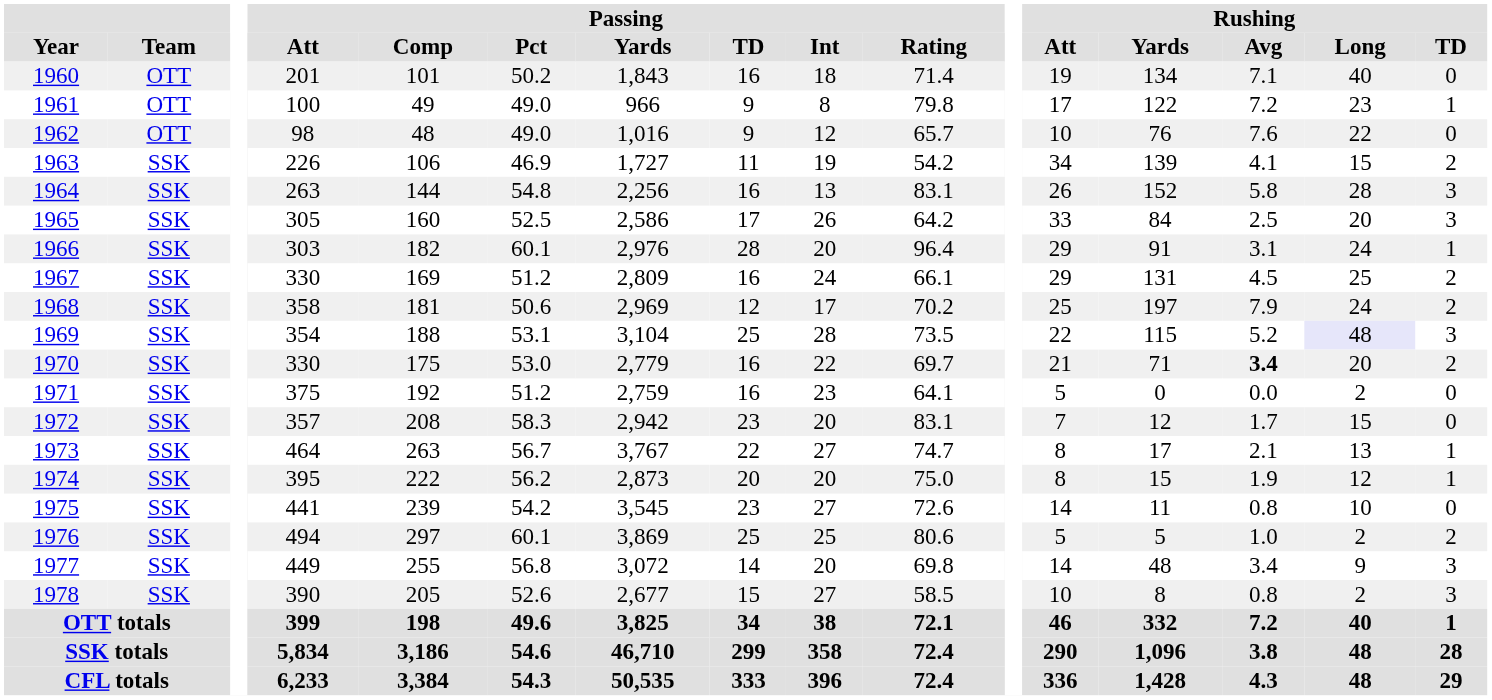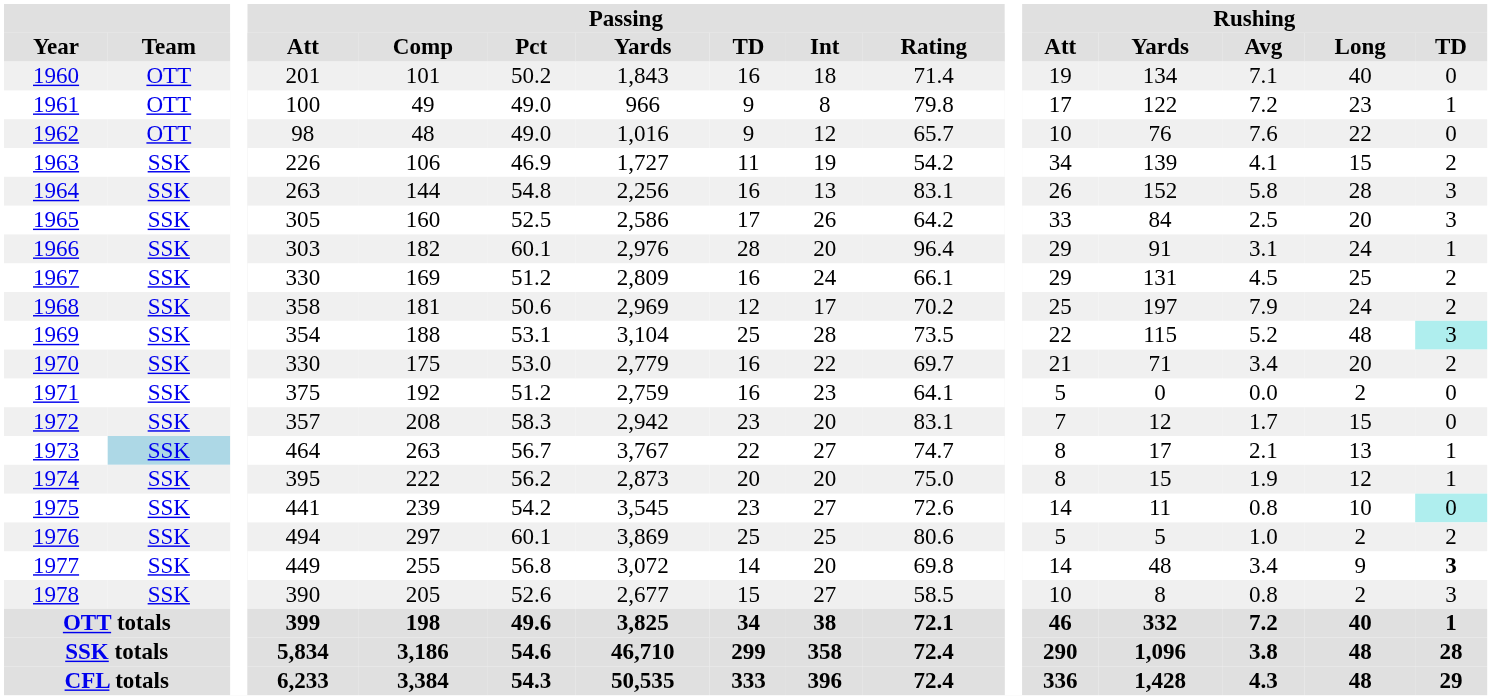 <table BORDER="0" CELLPADDING="1" CELLSPACING="0" width="65%" style="text-align:center">
 <tr bgcolor="#e0e0e0">
 <th colspan="2"></th>
 <th rowspan="99" bgcolor="#ffffff"> </th>
 <th colspan="7">Passing</th>
 <th rowspan="99" bgcolor="#ffffff"> </th>
 <th colspan="6">Rushing</th>
 </tr>
 <tr bgcolor="#e0e0e0">
 <th>Year</th>
 <th>Team</th>
 <th>Att</th>
 <th>Comp</th>
 <th>Pct</th>
 <th>Yards</th>
 <th>TD</th>
 <th>Int</th>
 <th>Rating</th>
 <th>Att</th>
 <th>Yards</th>
 <th>Avg</th>
 <th>Long</th>
 <th>TD</th>
 </tr>
 <tr ALIGN="center" bgcolor="#f0f0f0">
 <td><a href='#'>1960</a></td>
 <td><a href='#'>OTT</a></td>
 <td>201</td>
 <td>101</td>
 <td>50.2</td>
 <td>1,843</td>
 <td>16</td>
 <td>18</td>
 <td>71.4</td>
 <td>19</td>
 <td>134</td>
 <td>7.1</td>
 <td>40</td>
 <td>0</td>
 </tr>
 <tr ALIGN="center">
 <td><a href='#'>1961</a></td>
 <td><a href='#'>OTT</a></td>
 <td>100</td>
 <td>49</td>
 <td>49.0</td>
 <td>966</td>
 <td>9</td>
 <td>8</td>
 <td>79.8</td>
 <td>17</td>
 <td>122</td>
 <td>7.2</td>
 <td>23</td>
 <td>1</td>
 </tr>
 <tr ALIGN="center" bgcolor="#f0f0f0">
 <td><a href='#'>1962</a></td>
 <td><a href='#'>OTT</a></td>
 <td>98</td>
 <td>48</td>
 <td>49.0</td>
 <td>1,016</td>
 <td>9</td>
 <td>12</td>
 <td>65.7</td>
 <td>10</td>
 <td>76</td>
 <td>7.6</td>
 <td>22</td>
 <td>0</td>
 </tr>
 <tr ALIGN="center">
 <td><a href='#'>1963</a></td>
 <td><a href='#'>SSK</a></td>
 <td>226</td>
 <td>106</td>
 <td>46.9</td>
 <td>1,727</td>
 <td>11</td>
 <td>19</td>
 <td>54.2</td>
 <td>34</td>
 <td>139</td>
 <td>4.1</td>
 <td>15</td>
 <td>2</td>
 </tr>
 <tr ALIGN="center" bgcolor="#f0f0f0">
 <td><a href='#'>1964</a></td>
 <td><a href='#'>SSK</a></td>
 <td>263</td>
 <td>144</td>
 <td>54.8</td>
 <td>2,256</td>
 <td>16</td>
 <td>13</td>
 <td>83.1</td>
 <td>26</td>
 <td>152</td>
 <td>5.8</td>
 <td>28</td>
 <td>3</td>
 </tr>
 <tr ALIGN="center">
 <td><a href='#'>1965</a></td>
 <td><a href='#'>SSK</a></td>
 <td>305</td>
 <td>160</td>
 <td>52.5</td>
 <td>2,586</td>
 <td>17</td>
 <td>26</td>
 <td>64.2</td>
 <td>33</td>
 <td>84</td>
 <td>2.5</td>
 <td>20</td>
 <td>3</td>
 </tr>
 <tr ALIGN="center" bgcolor="#f0f0f0">
 <td><a href='#'>1966</a></td>
 <td><a href='#'>SSK</a></td>
 <td>303</td>
 <td>182</td>
 <td>60.1</td>
 <td>2,976</td>
 <td>28</td>
 <td>20</td>
 <td>96.4</td>
 <td>29</td>
 <td>91</td>
 <td>3.1</td>
 <td>24</td>
 <td>1</td>
 </tr>
 <tr ALIGN="center">
 <td><a href='#'>1967</a></td>
 <td><a href='#'>SSK</a></td>
 <td>330</td>
 <td>169</td>
 <td>51.2</td>
 <td>2,809</td>
 <td>16</td>
 <td>24</td>
 <td>66.1</td>
 <td>29</td>
 <td>131</td>
 <td>4.5</td>
 <td>25</td>
 <td>2</td>
 </tr>
 <tr ALIGN="center" bgcolor="#f0f0f0">
 <td><a href='#'>1968</a></td>
 <td><a href='#'>SSK</a></td>
 <td>358</td>
 <td>181</td>
 <td>50.6</td>
 <td>2,969</td>
 <td>12</td>
 <td>17</td>
 <td>70.2</td>
 <td>25</td>
 <td>197</td>
 <td>7.9</td>
 <td>24</td>
 <td>2</td>
 </tr>
 <tr ALIGN="center">
 <td><a href='#'>1969</a></td>
 <td><a href='#'>SSK</a></td>
 <td>354</td>
 <td>188</td>
 <td>53.1</td>
 <td>3,104</td>
 <td>25</td>
 <td>28</td>
 <td>73.5</td>
 <td>22</td>
 <td>115</td>
 <td>5.2</td>
-<td style="background: lavender;">48</td>
-<td>3</td>
+<td>48</td>
+<td style="background: paleturquoise;">3</td>
 </tr>
 <tr ALIGN="center" bgcolor="#f0f0f0">
 <td><a href='#'>1970</a></td>
 <td><a href='#'>SSK</a></td>
 <td>330</td>
 <td>175</td>
 <td>53.0</td>
 <td>2,779</td>
 <td>16</td>
 <td>22</td>
 <td>69.7</td>
 <td>21</td>
 <td>71</td>
-<td><strong>3.4</strong></td>
+<td>3.4</td>
 <td>20</td>
 <td>2</td>
 </tr>
 <tr ALIGN="center">
 <td><a href='#'>1971</a></td>
 <td><a href='#'>SSK</a></td>
 <td>375</td>
 <td>192</td>
 <td>51.2</td>
 <td>2,759</td>
 <td>16</td>
 <td>23</td>
 <td>64.1</td>
 <td>5</td>
 <td>0</td>
 <td>0.0</td>
 <td>2</td>
 <td>0</td>
 </tr>
 <tr ALIGN="center" bgcolor="#f0f0f0">
 <td><a href='#'>1972</a></td>
 <td><a href='#'>SSK</a></td>
 <td>357</td>
 <td>208</td>
 <td>58.3</td>
 <td>2,942</td>
 <td>23</td>
 <td>20</td>
 <td>83.1</td>
 <td>7</td>
 <td>12</td>
 <td>1.7</td>
 <td>15</td>
 <td>0</td>
 </tr>
 <tr ALIGN="center">
 <td><a href='#'>1973</a></td>
-<td><a href='#'>SSK</a></td>
+<td style="background: lightblue;"><a href='#'>SSK</a></td>
 <td>464</td>
 <td>263</td>
 <td>56.7</td>
 <td>3,767</td>
 <td>22</td>
 <td>27</td>
 <td>74.7</td>
 <td>8</td>
 <td>17</td>
 <td>2.1</td>
 <td>13</td>
 <td>1</td>
 </tr>
 <tr ALIGN="center" bgcolor="#f0f0f0">
 <td><a href='#'>1974</a></td>
 <td><a href='#'>SSK</a></td>
 <td>395</td>
 <td>222</td>
 <td>56.2</td>
 <td>2,873</td>
 <td>20</td>
 <td>20</td>
 <td>75.0</td>
 <td>8</td>
 <td>15</td>
 <td>1.9</td>
 <td>12</td>
 <td>1</td>
 </tr>
 <tr ALIGN="center">
 <td><a href='#'>1975</a></td>
 <td><a href='#'>SSK</a></td>
 <td>441</td>
 <td>239</td>
 <td>54.2</td>
 <td>3,545</td>
 <td>23</td>
 <td>27</td>
 <td>72.6</td>
 <td>14</td>
 <td>11</td>
 <td>0.8</td>
 <td>10</td>
-<td>0</td>
+<td style="background: paleturquoise;">0</td>
 </tr>
 <tr ALIGN="center" bgcolor="#f0f0f0">
 <td><a href='#'>1976</a></td>
 <td><a href='#'>SSK</a></td>
 <td>494</td>
 <td>297</td>
 <td>60.1</td>
 <td>3,869</td>
 <td>25</td>
 <td>25</td>
 <td>80.6</td>
 <td>5</td>
 <td>5</td>
 <td>1.0</td>
 <td>2</td>
 <td>2</td>
 </tr>
 <tr ALIGN="center">
 <td><a href='#'>1977</a></td>
 <td><a href='#'>SSK</a></td>
 <td>449</td>
 <td>255</td>
 <td>56.8</td>
 <td>3,072</td>
 <td>14</td>
 <td>20</td>
 <td>69.8</td>
 <td>14</td>
 <td>48</td>
 <td>3.4</td>
 <td>9</td>
-<td>3</td>
+<td><strong>3</strong></td>
 </tr>
 <tr ALIGN="center" bgcolor="#f0f0f0">
 <td><a href='#'>1978</a></td>
 <td><a href='#'>SSK</a></td>
 <td>390</td>
 <td>205</td>
 <td>52.6</td>
 <td>2,677</td>
 <td>15</td>
 <td>27</td>
 <td>58.5</td>
 <td>10</td>
 <td>8</td>
 <td>0.8</td>
 <td>2</td>
 <td>3</td>
 </tr>
 <tr bgcolor="#e0e0e0">
 <th colspan="2"><a href='#'>OTT</a> totals</th>
 <th>399</th>
 <th>198</th>
 <th>49.6</th>
 <th>3,825</th>
 <th>34</th>
 <th>38</th>
 <th>72.1</th>
 <th>46</th>
 <th>332</th>
 <th>7.2</th>
 <th>40</th>
 <th>1</th>
 </tr>
 <tr bgcolor="#e0e0e0">
 <th colspan="2"><a href='#'>SSK</a> totals</th>
 <th>5,834</th>
 <th>3,186</th>
 <th>54.6</th>
 <th>46,710</th>
 <th>299</th>
 <th>358</th>
 <th>72.4</th>
 <th>290</th>
 <th>1,096</th>
 <th>3.8</th>
 <th>48</th>
 <th>28</th>
 </tr>
 <tr bgcolor="#e0e0e0">
 <th colspan="2"><a href='#'>CFL</a> totals</th>
 <th>6,233</th>
 <th>3,384</th>
 <th>54.3</th>
 <th>50,535</th>
 <th>333</th>
 <th>396</th>
 <th>72.4</th>
 <th>336</th>
 <th>1,428</th>
 <th>4.3</th>
 <th>48</th>
 <th>29</th>
 </tr>
 </table>
